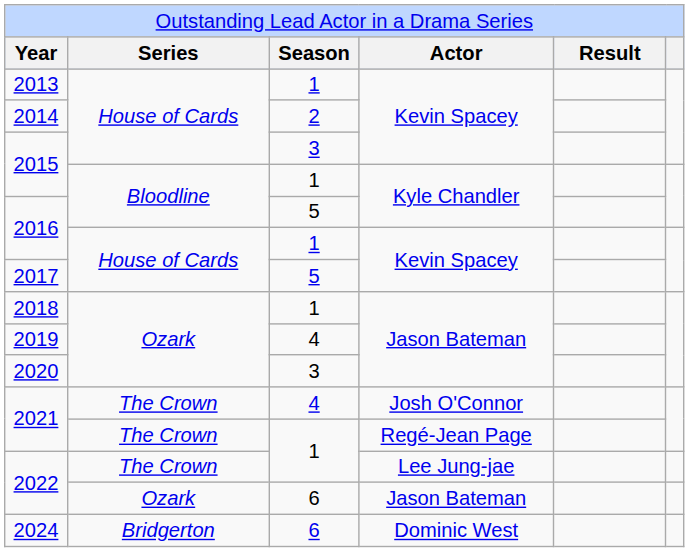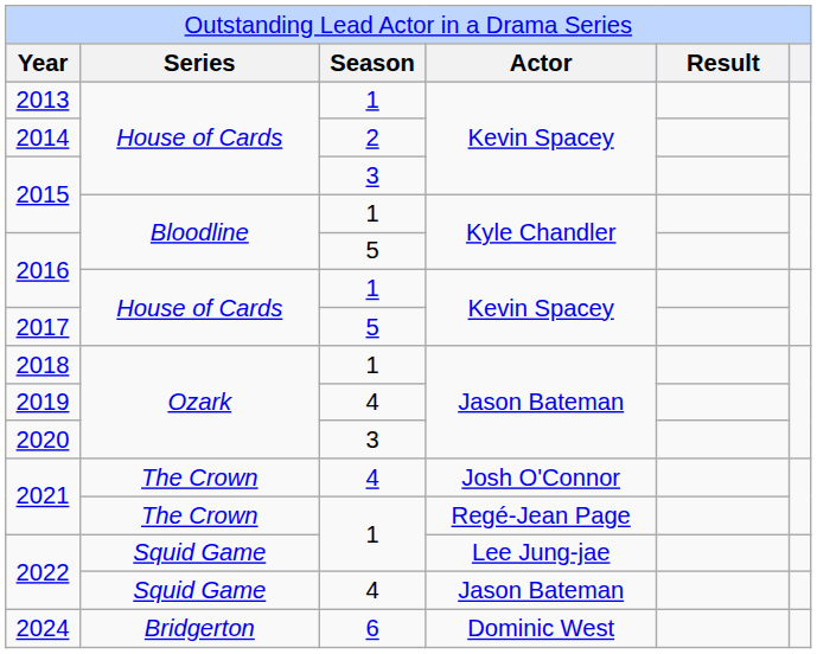 <table class="wikitable plainrowheaders" style="text-align: center; font-size: 90%" width=55%>
 <tr ---- bgcolor="#bfd7ff">
 <td colspan=6 align=center><a href='#'>Outstanding Lead Actor in a Drama Series</a></td>
 </tr>
 <tr ---- bgcolor="#bfd7ff">
 <th scope="col" style="width:1%;">Year</th>
 <th scope="col" style="width:12%;">Series</th>
 <th scope="col" style="width:1%;">Season</th>
 <th scope="col" style="width:12%;">Actor</th>
 <th scope="col" style="width:5%;">Result</th>
 <th scope="col" style="width:1%;"></th>
 </tr>
 <tr>
 <td><a href='#'>2013</a></td>
 <td rowspan="3"><em><a href='#'>House of Cards</a></em></td>
 <td><a href='#'>1</a></td>
 <td rowspan="3"><a href='#'>Kevin Spacey</a></td>
 <td></td>
 <td rowspan="3"></td>
 </tr>
 <tr>
 <td><a href='#'>2014</a></td>
 <td><a href='#'>2</a></td>
 <td></td>
 </tr>
 <tr>
 <td rowspan="2"><a href='#'>2015</a></td>
 <td><a href='#'>3</a></td>
 <td></td>
 </tr>
 <tr>
 <td rowspan="2"><em><a href='#'>Bloodline</a></em></td>
 <td>1</td>
 <td rowspan="2"><a href='#'>Kyle Chandler</a></td>
 <td></td>
 <td rowspan="2"></td>
 </tr>
 <tr>
 <td rowspan="2"><a href='#'>2016</a></td>
 <td>5</td>
 <td></td>
 </tr>
 <tr>
 <td rowspan="2"><em><a href='#'>House of Cards</a></em></td>
 <td><a href='#'>1</a></td>
 <td rowspan="2"><a href='#'>Kevin Spacey</a></td>
 <td></td>
 <td rowspan="2"></td>
 </tr>
 <tr>
 <td><a href='#'>2017</a></td>
 <td><a href='#'>5</a></td>
 <td></td>
 </tr>
 <tr>
 <td><a href='#'>2018</a></td>
 <td rowspan="3"><em><a href='#'>Ozark</a></em></td>
 <td>1</td>
 <td rowspan="3"><a href='#'>Jason Bateman</a></td>
 <td></td>
 <td rowspan="3"></td>
 </tr>
 <tr>
 <td><a href='#'>2019</a></td>
 <td>4</td>
 <td></td>
 </tr>
 <tr>
 <td><a href='#'>2020</a></td>
 <td>3</td>
 <td></td>
 </tr>
 <tr>
 <td rowspan="2"><a href='#'>2021</a></td>
 <td><em><a href='#'>The Crown</a></em></td>
 <td><a href='#'>4</a></td>
 <td><a href='#'>Josh O'Connor</a></td>
 <td></td>
 <td rowspan="2'"></td>
 </tr>
 <tr>
 <td><em><a href='#'>The Crown</a></em></td>
 <td rowspan="2'">1</td>
 <td><a href='#'>Regé-Jean Page</a></td>
 <td></td>
 </tr>
 <tr>
 <td rowspan="2"><a href='#'>2022</a></td>
-<td><em><a href='#'>The Crown</a></em></td>
+<td><em><a href='#'>Squid Game</a></em></td>
 <td><a href='#'>Lee Jung-jae</a></td>
 <td></td>
 <td></td>
 </tr>
 <tr>
-<td><em><a href='#'>Ozark</a></em></td>
-<td>6</td>
+<td><em><a href='#'>Squid Game</a></em></td>
+<td>4</td>
 <td><a href='#'>Jason Bateman</a></td>
 <td></td>
 <td></td>
 </tr>
 <tr>
 <td><a href='#'>2024</a></td>
 <td><em><a href='#'>Bridgerton</a></em></td>
 <td><a href='#'>6</a></td>
 <td><a href='#'>Dominic West</a></td>
 <td></td>
 <td></td>
 </tr>
 </table>
